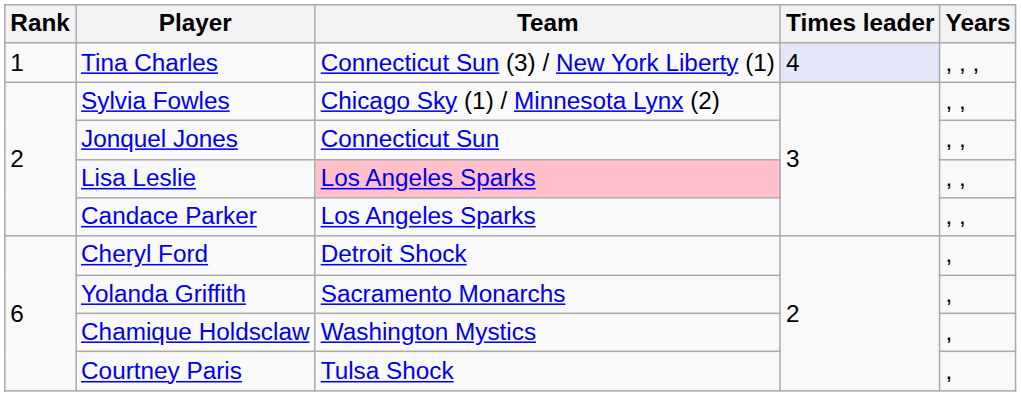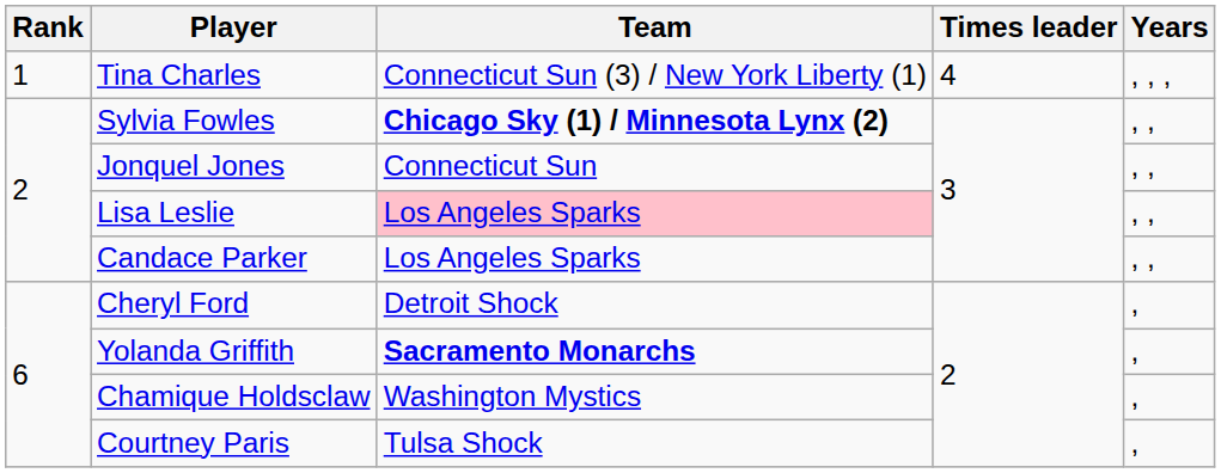 <table class="wikitable">
 <tr>
 <th>Rank</th>
 <th>Player</th>
 <th>Team</th>
 <th>Times leader</th>
 <th>Years</th>
 </tr>
 <tr>
 <td>1</td>
 <td><a href='#'>Tina Charles</a></td>
 <td><a href='#'>Connecticut Sun</a> (3) / <a href='#'>New York Liberty</a> (1)</td>
-<td style="background: lavender;">4</td>
+<td>4</td>
 <td>, , , </td>
 </tr>
 <tr>
 <td rowspan=4>2</td>
 <td><a href='#'>Sylvia Fowles</a></td>
-<td><a href='#'>Chicago Sky</a> (1) / <a href='#'>Minnesota Lynx</a> (2)</td>
+<td><strong><a href='#'>Chicago Sky</a> (1) / <a href='#'>Minnesota Lynx</a> (2)</strong></td>
 <td rowspan=4>3</td>
 <td>, , </td>
 </tr>
 <tr>
 <td><a href='#'>Jonquel Jones</a></td>
 <td><a href='#'>Connecticut Sun</a></td>
 <td>, , </td>
 </tr>
 <tr>
 <td><a href='#'>Lisa Leslie</a></td>
 <td style="background: pink;"><a href='#'>Los Angeles Sparks</a></td>
 <td>, , </td>
 </tr>
 <tr>
 <td><a href='#'>Candace Parker</a></td>
 <td><a href='#'>Los Angeles Sparks</a></td>
 <td>, , </td>
 </tr>
 <tr>
 <td rowspan=4>6</td>
 <td><a href='#'>Cheryl Ford</a></td>
 <td><a href='#'>Detroit Shock</a></td>
 <td rowspan=4>2</td>
 <td>, </td>
 </tr>
 <tr>
 <td><a href='#'>Yolanda Griffith</a></td>
-<td><a href='#'>Sacramento Monarchs</a></td>
+<td><strong><a href='#'>Sacramento Monarchs</a></strong></td>
 <td>, </td>
 </tr>
 <tr>
 <td><a href='#'>Chamique Holdsclaw</a></td>
 <td><a href='#'>Washington Mystics</a></td>
 <td>, </td>
 </tr>
 <tr>
 <td><a href='#'>Courtney Paris</a></td>
 <td><a href='#'>Tulsa Shock</a></td>
 <td>, </td>
 </tr>
 </table>
